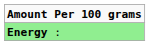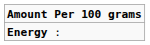 <table class="wikitable">
 <tr>
 <td><strong>Amount Per 100 grams</strong></td>
 </tr>
 <tr>
-<td style="background: lightgreen;"><strong>Energy</strong>    :    </td>
+<td><strong>Energy</strong>    :    </td>
 </tr>
 </table>
